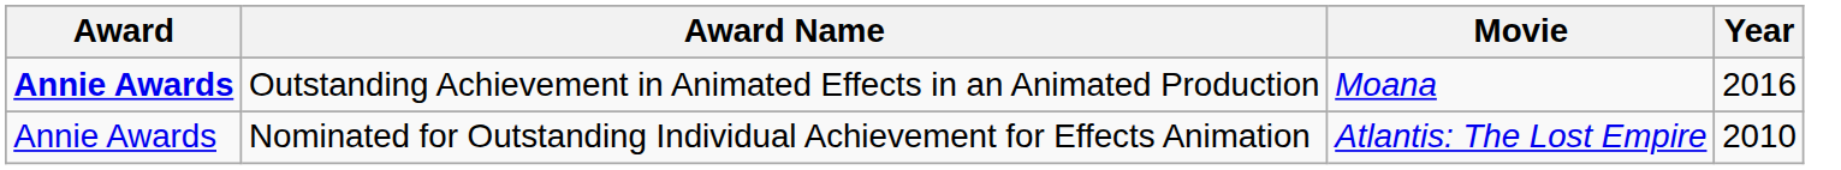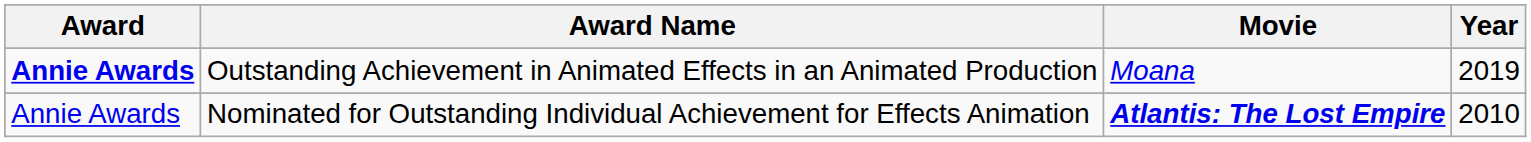 <table class="wikitable">
 <tr>
 <th>Award</th>
 <th>Award Name</th>
 <th>Movie</th>
 <th>Year</th>
 </tr>
 <tr>
 <td><strong><a href='#'>Annie Awards</a></strong></td>
 <td>Outstanding Achievement in Animated Effects in an Animated Production</td>
 <td><a href='#'><em>Moana</em></a></td>
-<td>2016</td>
+<td>2019</td>
 </tr>
 <tr>
 <td><a href='#'>Annie Awards</a></td>
 <td>Nominated for Outstanding Individual Achievement for Effects Animation</td>
-<td><em><a href='#'>Atlantis: The Lost Empire</a></em></td>
+<td><strong><em><a href='#'>Atlantis: The Lost Empire</a></em></strong></td>
 <td>2010</td>
 </tr>
 </table>
